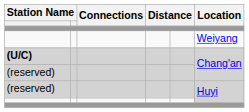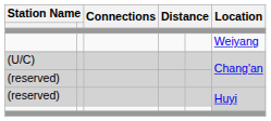 <table class="wikitable">
 <tr>
 <th colspan="2">Station Name</th>
 <th rowspan="2">Connections</th>
 <th colspan="2" rowspan="2">Distance<br></th>
 <th rowspan="2">Location</th>
 </tr>
 <tr>
 <th></th>
 <th></th>
 </tr>
 <tr style = "background:#999999; height: 2pt">
 <td colspan = "8"></td>
 </tr>
 <tr>
 <td></td>
 <td></td>
 <td></td>
 <td></td>
 <td></td>
 <td><a href='#'>Weiyang</a></td>
 </tr>
 <tr bgcolor="lightgrey">
-<td><strong><em></em> (U/C)</strong></td>
+<td><em></em> (U/C)</td>
 <td></td>
 <td></td>
 <td></td>
 <td></td>
 <td rowspan="2"><a href='#'>Chang'an</a></td>
 </tr>
 <tr bgcolor="lightgrey">
 <td><em></em> (reserved)</td>
 <td></td>
 <td></td>
 <td></td>
 <td></td>
 </tr>
 <tr bgcolor="lightgrey">
 <td><em></em> (reserved)</td>
 <td></td>
 <td></td>
 <td></td>
 <td></td>
 <td rowspan="2"><a href='#'>Huyi</a></td>
 </tr>
 <tr>
 <td></td>
 <td></td>
 <td></td>
 <td></td>
 <td></td>
 </tr>
 <tr style = "background:#999999; height: 2pt">
 <td colspan = "8"></td>
 </tr>
 </table>
